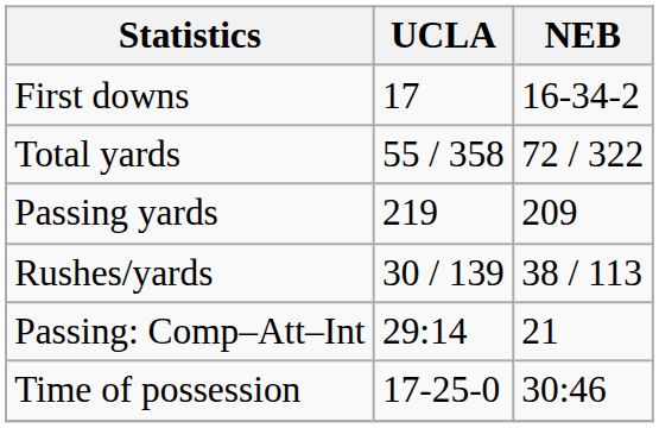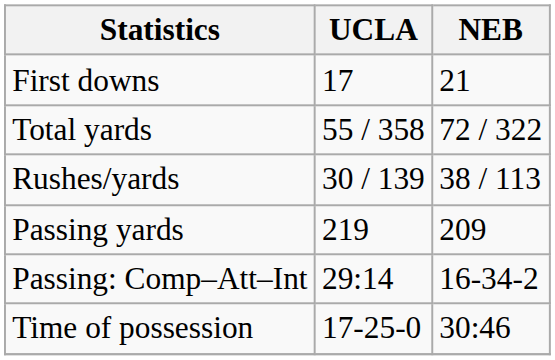 <table class="wikitable" style="float: left;">
 <tr>
 <th>Statistics</th>
 <th>UCLA</th>
 <th>NEB</th>
 </tr>
 <tr>
 <td>First downs</td>
 <td>17</td>
-<td>16-34-2</td>
+<td>21</td>
 </tr>
 <tr>
 <td>Total yards</td>
 <td>55 / 358</td>
 <td>72 / 322</td>
 </tr>
 <tr>
+<td>Rushes/yards</td>
+<td>30 / 139</td>
+<td>38 / 113</td>
+</tr>
+<tr>
 <td>Passing yards</td>
 <td>219</td>
 <td>209</td>
 </tr>
 <tr>
-<td>Rushes/yards</td>
-<td>30 / 139</td>
-<td>38 / 113</td>
-</tr>
-<tr>
 <td>Passing: Comp–Att–Int</td>
 <td>29:14</td>
-<td>21</td>
+<td>16-34-2</td>
 </tr>
 <tr>
 <td>Time of possession</td>
 <td>17-25-0</td>
 <td>30:46</td>
 </tr>
 <tr>
 </tr>
 </table>
